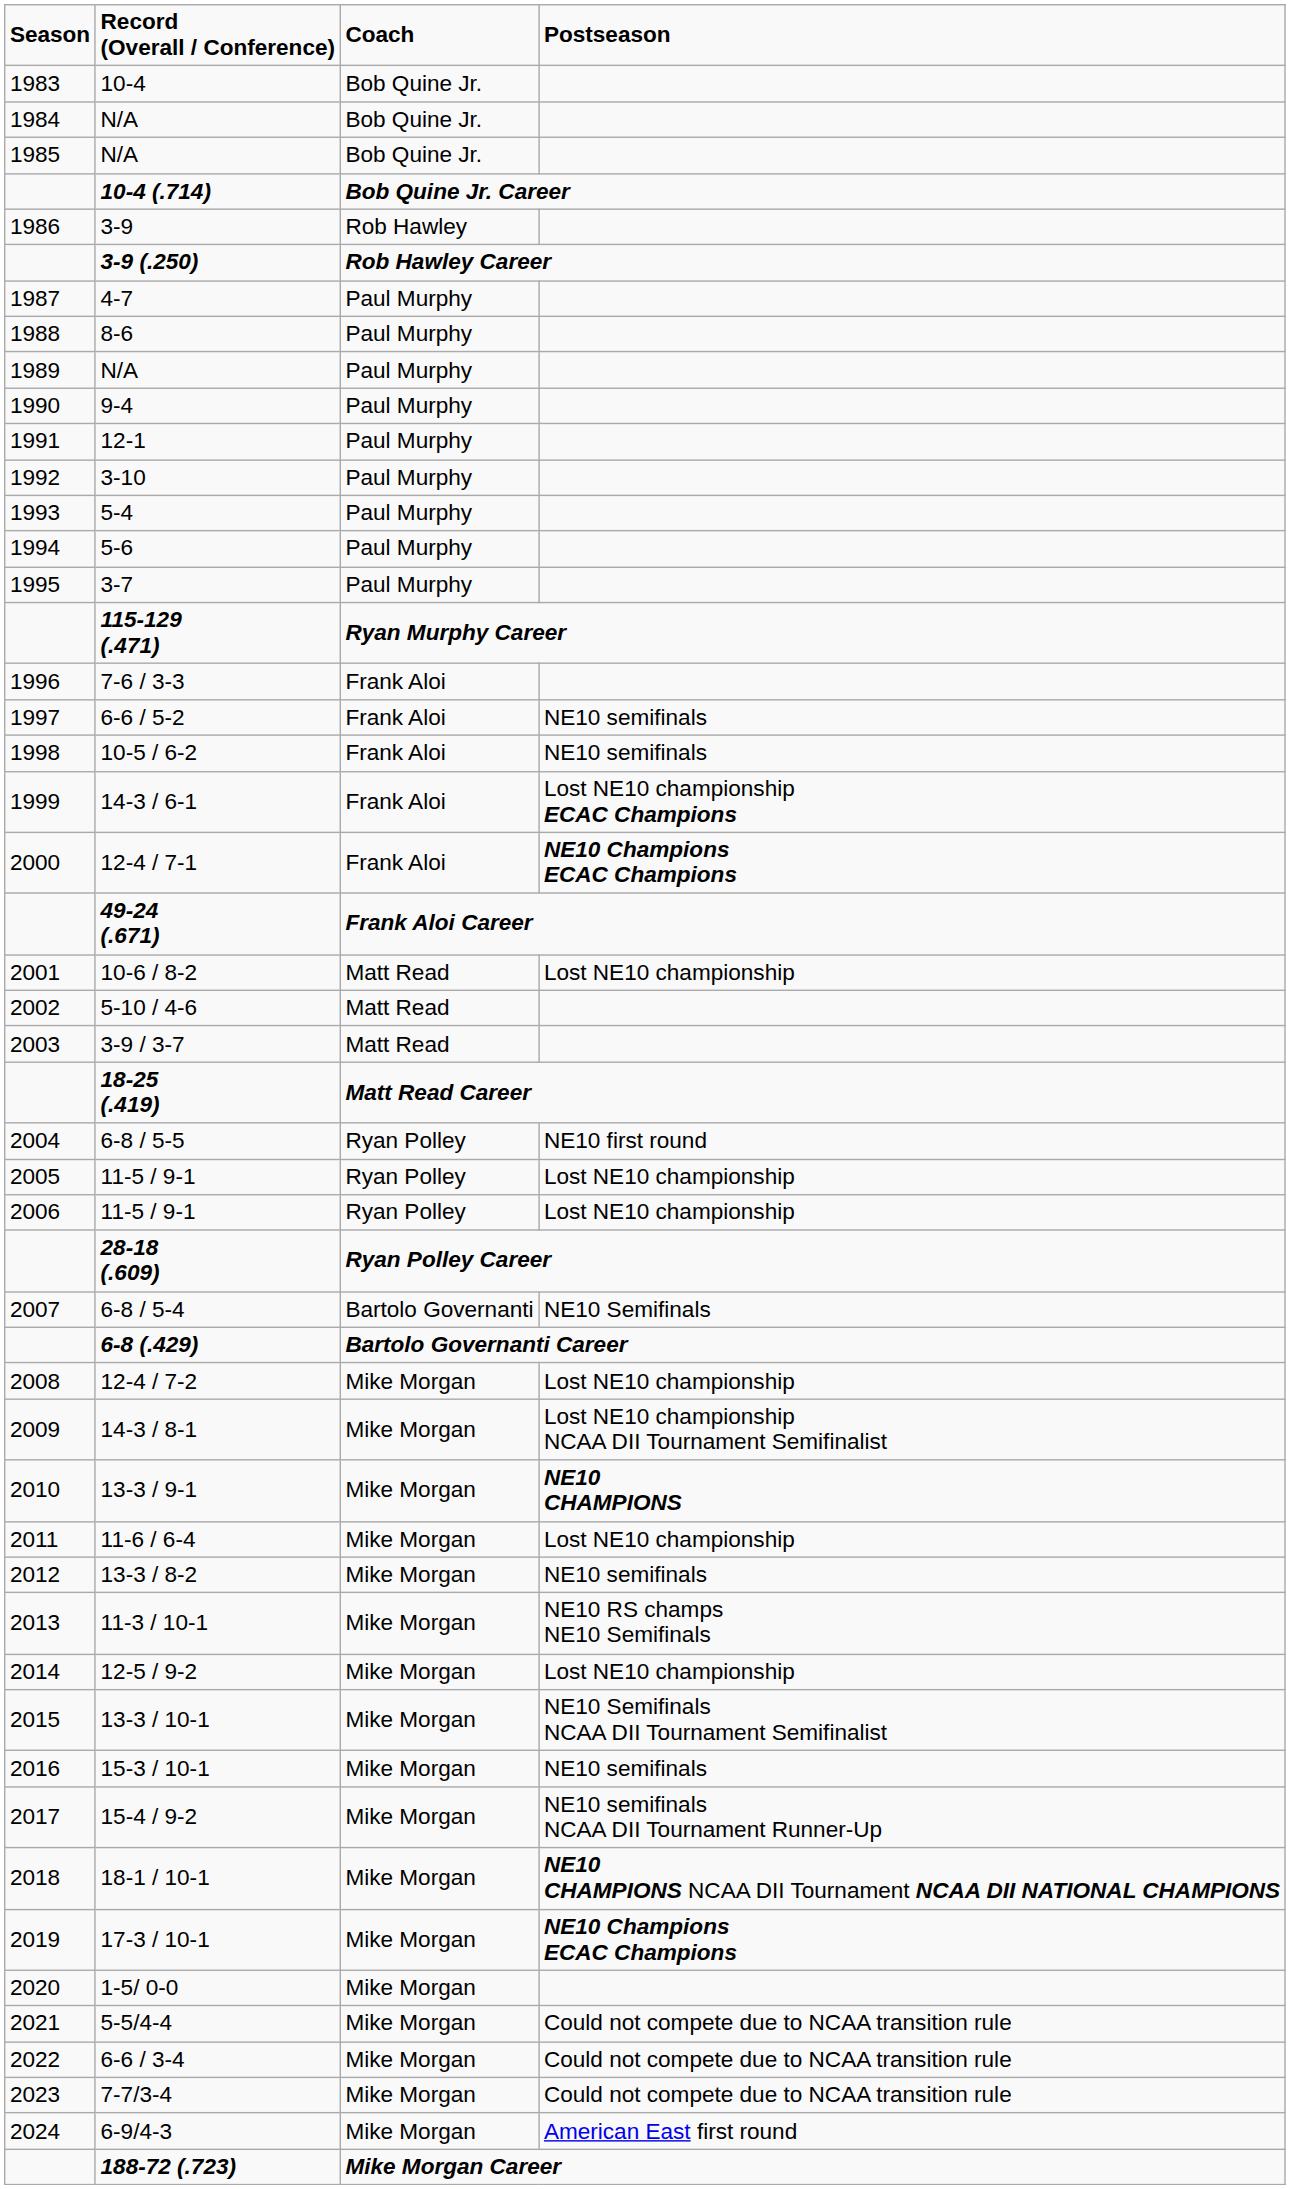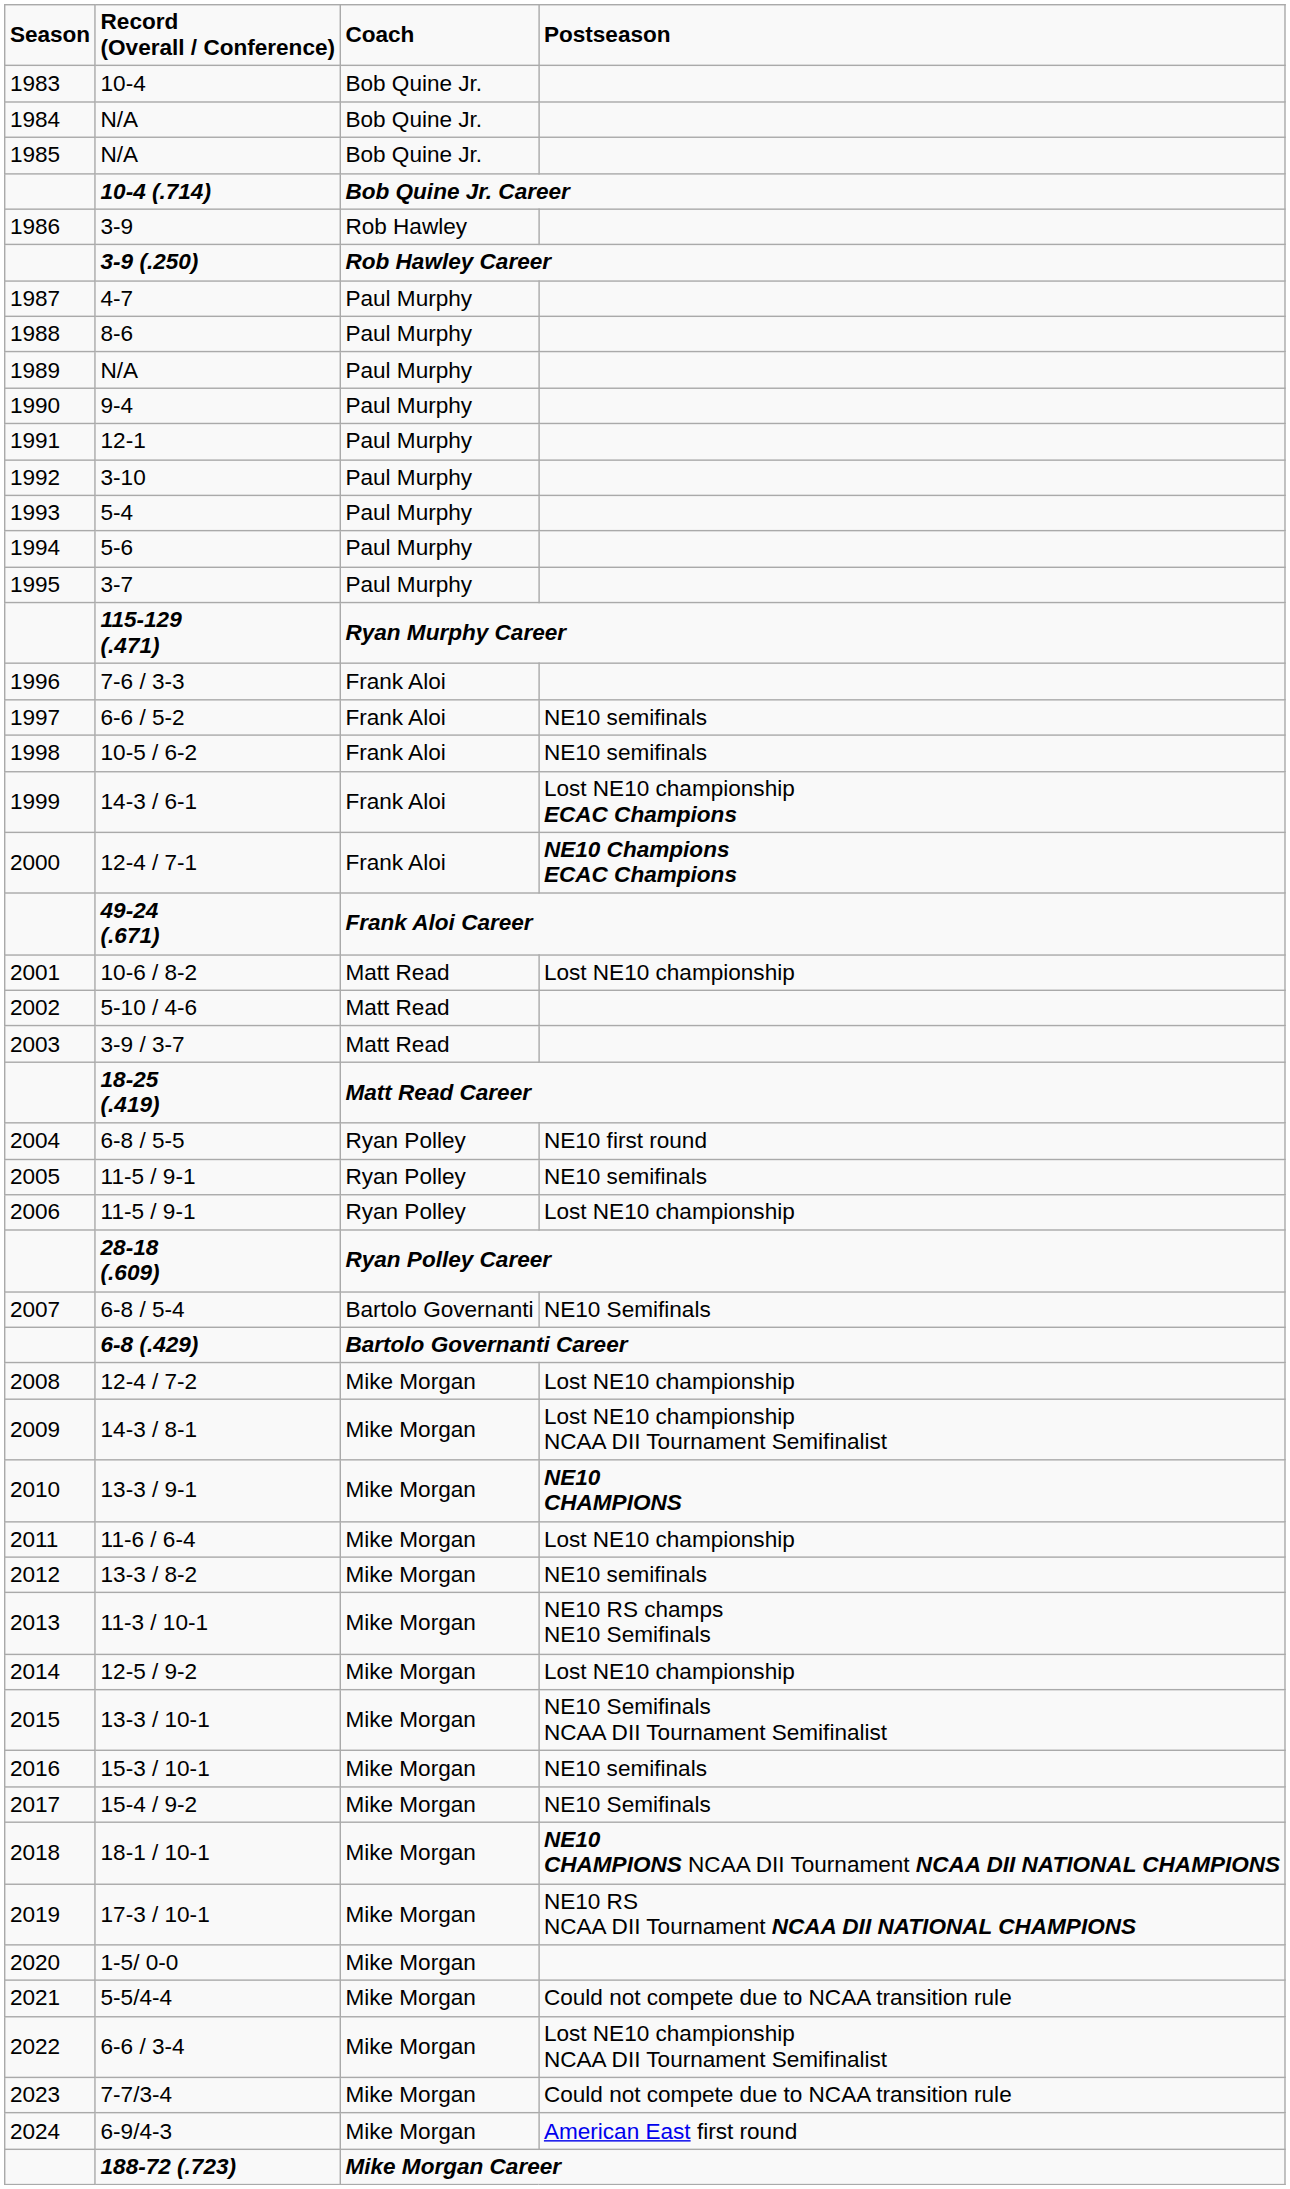 <table class="wikitable">
 <tr>
 <td><strong>Season</strong></td>
 <td><strong>Record</strong><br><strong>(Overall / Conference)</strong></td>
 <td><strong>Coach</strong></td>
 <td><strong>Postseason</strong></td>
 </tr>
 <tr>
 <td>1983</td>
 <td>10-4</td>
 <td>Bob Quine Jr.</td>
 <td></td>
 </tr>
 <tr>
 <td>1984</td>
 <td>N/A</td>
 <td>Bob Quine Jr.</td>
 <td></td>
 </tr>
 <tr>
 <td>1985</td>
 <td>N/A</td>
 <td>Bob Quine Jr.</td>
 <td></td>
 </tr>
 <tr>
 <td></td>
 <td><strong><em>10-4 (.714)</em></strong></td>
 <td colspan="2" rowspan="1"><strong><em>Bob Quine Jr. Career</em></strong></td>
 </tr>
 <tr>
 <td>1986</td>
 <td>3-9</td>
 <td>Rob Hawley</td>
 <td></td>
 </tr>
 <tr>
 <td></td>
 <td><strong><em>3-9 (.250)</em></strong></td>
 <td colspan="2" rowspan="1"><strong><em>Rob Hawley Career</em></strong></td>
 </tr>
 <tr>
 <td>1987</td>
 <td>4-7</td>
 <td>Paul Murphy</td>
 <td></td>
 </tr>
 <tr>
 <td>1988</td>
 <td>8-6</td>
 <td>Paul Murphy</td>
 <td></td>
 </tr>
 <tr>
 <td>1989</td>
 <td>N/A</td>
 <td>Paul Murphy</td>
 <td></td>
 </tr>
 <tr>
 <td>1990</td>
 <td>9-4</td>
 <td>Paul Murphy</td>
 <td></td>
 </tr>
 <tr>
 <td>1991</td>
 <td>12-1</td>
 <td>Paul Murphy</td>
 <td></td>
 </tr>
 <tr>
 <td>1992</td>
 <td>3-10</td>
 <td>Paul Murphy</td>
 <td></td>
 </tr>
 <tr>
 <td>1993</td>
 <td>5-4</td>
 <td>Paul Murphy</td>
 <td></td>
 </tr>
 <tr>
 <td>1994</td>
 <td>5-6</td>
 <td>Paul Murphy</td>
 <td></td>
 </tr>
 <tr>
 <td>1995</td>
 <td>3-7</td>
 <td>Paul Murphy</td>
 <td></td>
 </tr>
 <tr>
 <td></td>
 <td><strong><em>115-129</em></strong><br><strong><em>(.471)</em></strong></td>
 <td colspan="2" rowspan="1"><strong><em>Ryan Murphy Career</em></strong></td>
 </tr>
 <tr>
 <td>1996</td>
 <td>7-6 / 3-3</td>
 <td>Frank Aloi</td>
 <td></td>
 </tr>
 <tr>
 <td>1997</td>
 <td>6-6 / 5-2</td>
 <td>Frank Aloi</td>
 <td>NE10 semifinals</td>
 </tr>
 <tr>
 <td>1998</td>
 <td>10-5 / 6-2</td>
 <td>Frank Aloi</td>
 <td>NE10 semifinals</td>
 </tr>
 <tr>
 <td>1999</td>
 <td>14-3 / 6-1</td>
 <td>Frank Aloi</td>
 <td>Lost NE10 championship<br><strong><em>ECAC Champions</em></strong></td>
 </tr>
 <tr>
 <td>2000</td>
 <td>12-4 / 7-1</td>
 <td>Frank Aloi</td>
 <td><strong><em>NE10 Champions</em></strong><br><strong><em>ECAC Champions</em></strong></td>
 </tr>
 <tr>
 <td></td>
 <td><strong><em>49-24</em></strong><br><strong><em>(.671)</em></strong></td>
 <td colspan="2" rowspan="1"><strong><em>Frank Aloi Career</em></strong></td>
 </tr>
 <tr>
 <td>2001</td>
 <td>10-6 / 8-2</td>
 <td>Matt Read</td>
 <td>Lost NE10 championship</td>
 </tr>
 <tr>
 <td>2002</td>
 <td>5-10 / 4-6</td>
 <td>Matt Read</td>
 <td></td>
 </tr>
 <tr>
 <td>2003</td>
 <td>3-9 / 3-7</td>
 <td>Matt Read</td>
 <td></td>
 </tr>
 <tr>
 <td></td>
 <td><strong><em>18-25</em></strong><br><strong><em>(.419)</em></strong></td>
 <td colspan="2" rowspan="1"><strong><em>Matt Read Career</em></strong></td>
 </tr>
 <tr>
 <td>2004</td>
 <td>6-8 / 5-5</td>
 <td>Ryan Polley</td>
 <td>NE10 first round</td>
 </tr>
 <tr>
 <td>2005</td>
 <td>11-5 / 9-1</td>
 <td>Ryan Polley</td>
-<td>Lost NE10 championship</td>
+<td>NE10 semifinals</td>
 </tr>
 <tr>
 <td>2006</td>
 <td>11-5 / 9-1</td>
 <td>Ryan Polley</td>
 <td>Lost NE10 championship</td>
 </tr>
 <tr>
 <td></td>
 <td><strong><em>28-18</em></strong><br><strong><em>(.609)</em></strong></td>
 <td colspan="2" rowspan="1"><strong><em>Ryan Polley Career</em></strong></td>
 </tr>
 <tr>
 <td>2007</td>
 <td>6-8 / 5-4</td>
 <td>Bartolo Governanti</td>
 <td>NE10 Semifinals</td>
 </tr>
 <tr>
 <td></td>
 <td><strong><em>6-8 (.429)</em></strong></td>
 <td colspan="2" rowspan="1"><strong><em>Bartolo Governanti Career</em></strong></td>
 </tr>
 <tr>
 <td>2008</td>
 <td>12-4 / 7-2</td>
 <td>Mike Morgan</td>
 <td>Lost NE10 championship</td>
 </tr>
 <tr>
 <td>2009</td>
 <td>14-3 / 8-1</td>
 <td>Mike Morgan</td>
 <td>Lost NE10 championship<br>NCAA DII Tournament Semifinalist</td>
 </tr>
 <tr>
 <td>2010</td>
 <td>13-3 / 9-1</td>
 <td>Mike Morgan</td>
 <td><strong><em>NE10</em></strong><br><strong><em>CHAMPIONS</em></strong></td>
 </tr>
 <tr>
 <td>2011</td>
 <td>11-6 / 6-4</td>
 <td>Mike Morgan</td>
 <td>Lost NE10 championship</td>
 </tr>
 <tr>
 <td>2012</td>
 <td>13-3 / 8-2</td>
 <td>Mike Morgan</td>
 <td>NE10 semifinals</td>
 </tr>
 <tr>
 <td>2013</td>
 <td>11-3 / 10-1</td>
 <td>Mike Morgan</td>
 <td>NE10 RS champs<br>NE10 Semifinals</td>
 </tr>
 <tr>
 <td>2014</td>
 <td>12-5 / 9-2</td>
 <td>Mike Morgan</td>
 <td>Lost NE10 championship</td>
 </tr>
 <tr>
 <td>2015</td>
 <td>13-3 / 10-1</td>
 <td>Mike Morgan</td>
 <td>NE10 Semifinals<br>NCAA DII Tournament Semifinalist</td>
 </tr>
 <tr>
 <td>2016</td>
 <td>15-3 / 10-1</td>
 <td>Mike Morgan</td>
 <td>NE10 semifinals</td>
 </tr>
 <tr>
 <td>2017</td>
 <td>15-4 / 9-2</td>
 <td>Mike Morgan</td>
-<td>NE10 semifinals<br>NCAA DII Tournament Runner-Up</td>
+<td>NE10 Semifinals</td>
 </tr>
 <tr>
 <td>2018</td>
 <td>18-1 / 10-1</td>
 <td>Mike Morgan</td>
 <td><strong><em>NE10</em></strong><br><strong><em>CHAMPIONS</em></strong> NCAA DII Tournament <strong><em>NCAA DII</em></strong> <strong><em>NATIONAL CHAMPIONS</em></strong></td>
 </tr>
 <tr>
 <td>2019</td>
 <td>17-3 / 10-1</td>
 <td>Mike Morgan</td>
-<td><strong><em>NE10 Champions</em></strong><br><strong><em>ECAC Champions</em></strong></td>
+<td>NE10 RS<br>NCAA DII Tournament <strong><em>NCAA DII</em></strong> <strong><em>NATIONAL CHAMPIONS</em></strong></td>
 </tr>
 <tr>
 <td>2020</td>
 <td>1-5/ 0-0</td>
 <td>Mike Morgan</td>
 <td></td>
 </tr>
 <tr>
 <td>2021</td>
 <td>5-5/4-4</td>
 <td>Mike Morgan</td>
 <td>Could not compete due to NCAA transition rule</td>
 </tr>
 <tr>
 <td>2022</td>
 <td>6-6 / 3-4</td>
 <td>Mike Morgan</td>
-<td>Could not compete due to NCAA transition rule</td>
+<td>Lost NE10 championship<br>NCAA DII Tournament Semifinalist</td>
 </tr>
 <tr>
 <td>2023</td>
 <td>7-7/3-4</td>
 <td>Mike Morgan</td>
 <td>Could not compete due to NCAA transition rule</td>
 </tr>
 <tr>
 <td>2024</td>
 <td>6-9/4-3</td>
 <td>Mike Morgan</td>
 <td><a href='#'>American East</a> first round</td>
 </tr>
 <tr>
 <td></td>
 <td><strong><em>188-72 (.723)</em></strong></td>
 <td colspan="2" rowspan="1"><strong><em>Mike Morgan Career</em></strong></td>
 </tr>
 </table>
